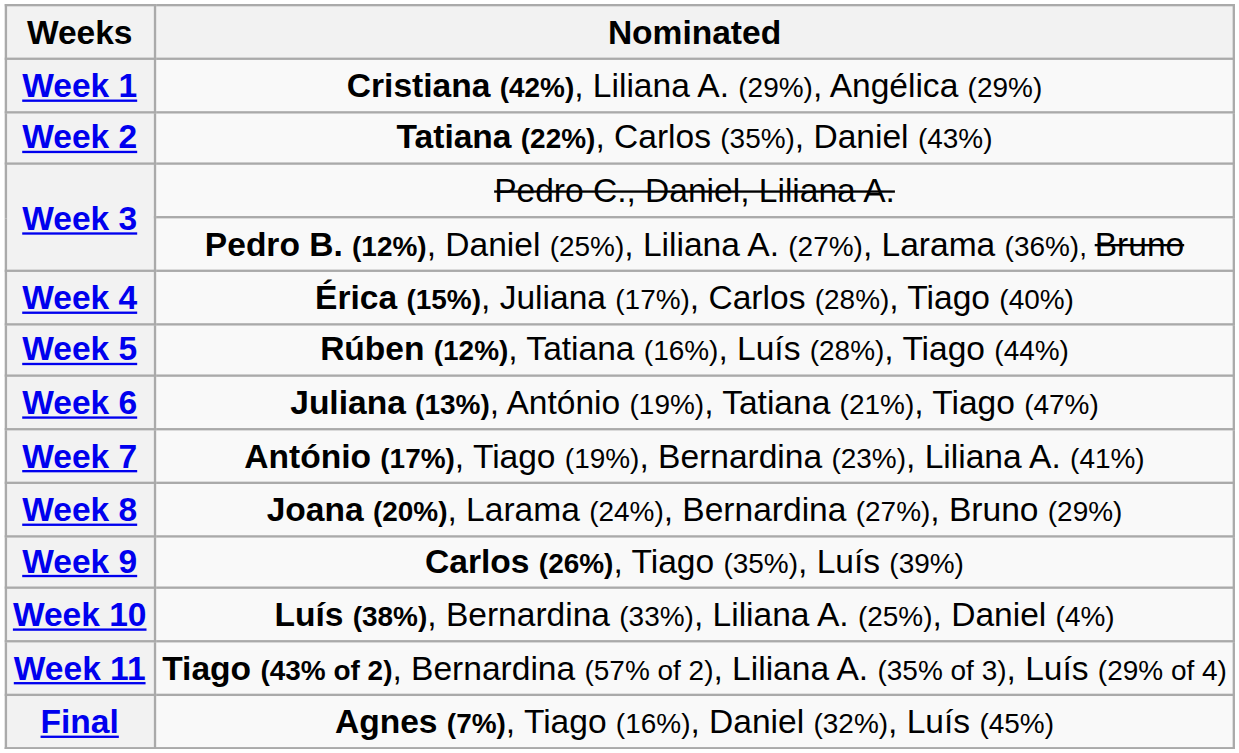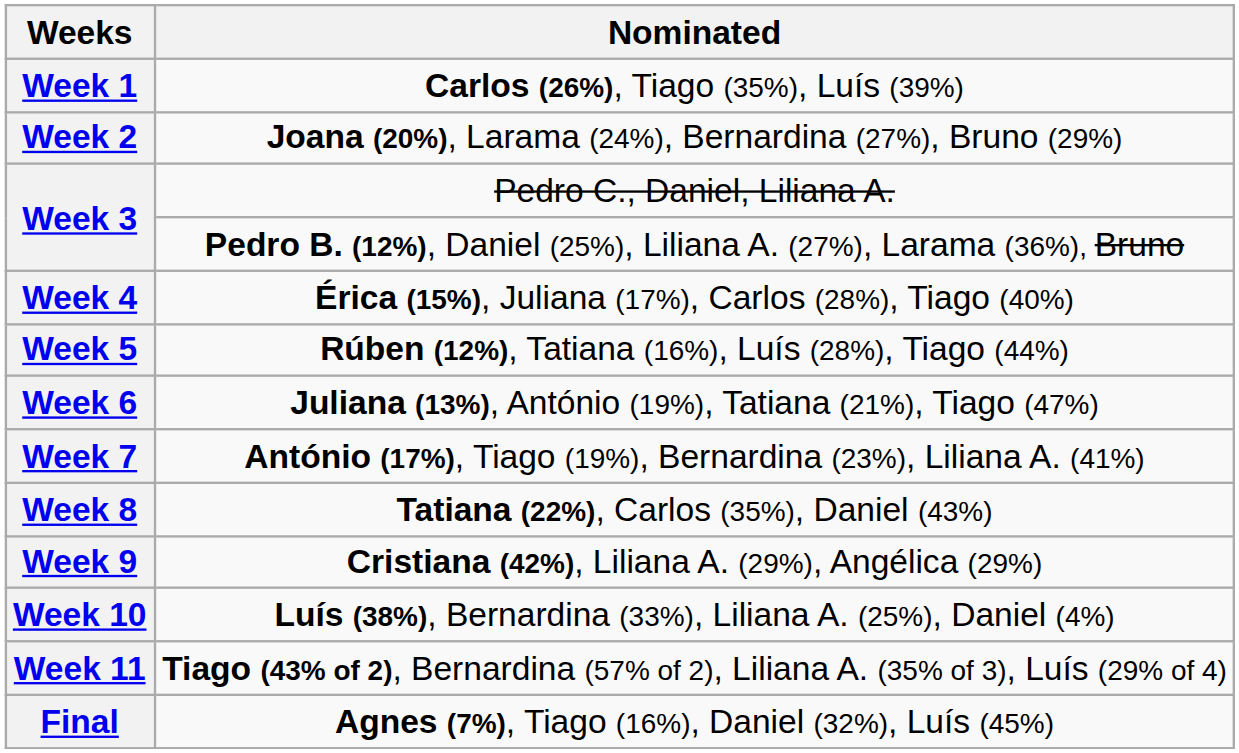 <table class="wikitable" style="font-size:90%; text-align:center; margin-left: auto; margin-right: auto">
 <tr>
 <th>Weeks</th>
 <th>Nominated</th>
 </tr>
 <tr>
 <th><a href='#'>Week 1</a></th>
-<td><strong>Cristiana <small>(42%)</small></strong>, Liliana A. <small>(29%)</small>, Angélica <small>(29%)</small></td>
+<td><strong>Carlos <small>(26%)</small></strong>, Tiago <small>(35%)</small>, Luís <small>(39%)</small></td>
 </tr>
 <tr>
 <th><a href='#'>Week 2</a></th>
-<td><strong>Tatiana <small>(22%)</small></strong>, Carlos <small>(35%)</small>, Daniel <small>(43%)</small></td>
+<td><strong>Joana <small>(20%)</small></strong>, Larama <small>(24%)</small>, Bernardina <small>(27%)</small>, Bruno <small>(29%)</small></td>
 </tr>
 <tr>
 <th rowspan=2><a href='#'>Week 3</a></th>
 <td><s>Pedro C., Daniel, Liliana A.</s></td>
 </tr>
 <tr>
 <td><strong>Pedro B. <small>(12%)</small></strong>, Daniel <small>(25%)</small>, Liliana A. <small>(27%)</small>, Larama <small>(36%), </small><s>Bruno</s></td>
 </tr>
 <tr>
 <th><a href='#'>Week 4</a></th>
 <td><strong>Érica <small>(15%)</small></strong>, Juliana <small>(17%)</small>, Carlos <small>(28%)</small>, Tiago <small>(40%)</small></td>
 </tr>
 <tr>
 <th><a href='#'>Week 5</a></th>
 <td><strong>Rúben <small>(12%)</small></strong>, Tatiana <small>(16%)</small>, Luís <small>(28%)</small>, Tiago <small>(44%)</small></td>
 </tr>
 <tr>
 <th><a href='#'>Week 6</a></th>
 <td><strong>Juliana <small>(13%)</small></strong>, António <small>(19%)</small>, Tatiana <small>(21%)</small>, Tiago <small>(47%)</small></td>
 </tr>
 <tr>
 <th><a href='#'>Week 7</a></th>
 <td><strong>António <small>(17%)</small></strong>, Tiago <small>(19%)</small>, Bernardina <small>(23%)</small>, Liliana A. <small>(41%)</small></td>
 </tr>
 <tr>
 <th><a href='#'>Week 8</a></th>
-<td><strong>Joana <small>(20%)</small></strong>, Larama <small>(24%)</small>, Bernardina <small>(27%)</small>, Bruno <small>(29%)</small></td>
+<td><strong>Tatiana <small>(22%)</small></strong>, Carlos <small>(35%)</small>, Daniel <small>(43%)</small></td>
 </tr>
 <tr>
 <th><a href='#'>Week 9</a></th>
-<td><strong>Carlos <small>(26%)</small></strong>, Tiago <small>(35%)</small>, Luís <small>(39%)</small></td>
+<td><strong>Cristiana <small>(42%)</small></strong>, Liliana A. <small>(29%)</small>, Angélica <small>(29%)</small></td>
 </tr>
 <tr>
 <th><a href='#'>Week 10</a></th>
 <td><strong>Luís <small>(38%)</small></strong>, Bernardina <small>(33%)</small>, Liliana A. <small>(25%)</small>, Daniel <small>(4%)</small></td>
 </tr>
 <tr>
 <th><a href='#'>Week 11</a></th>
 <td><strong>Tiago <small>(43% of 2)</small></strong>, Bernardina <small>(57% of 2)</small>, Liliana A. <small>(35% of 3)</small>, Luís <small>(29% of 4)</small></td>
 </tr>
 <tr>
 <th><a href='#'>Final</a></th>
 <td><strong>Agnes <small>(7%)</small></strong>, Tiago <small>(16%)</small>, Daniel <small>(32%)</small>, Luís <small>(45%)</small></td>
 </tr>
 <tr>
 </tr>
 </table>
